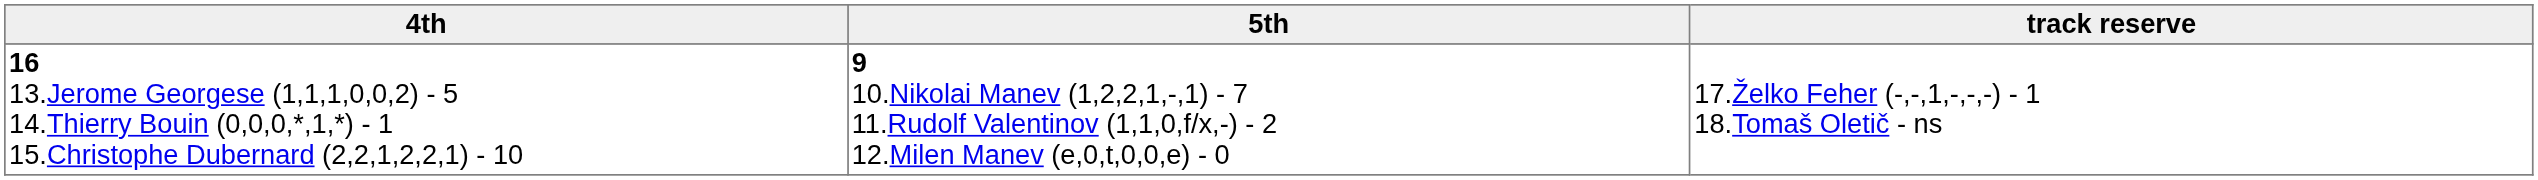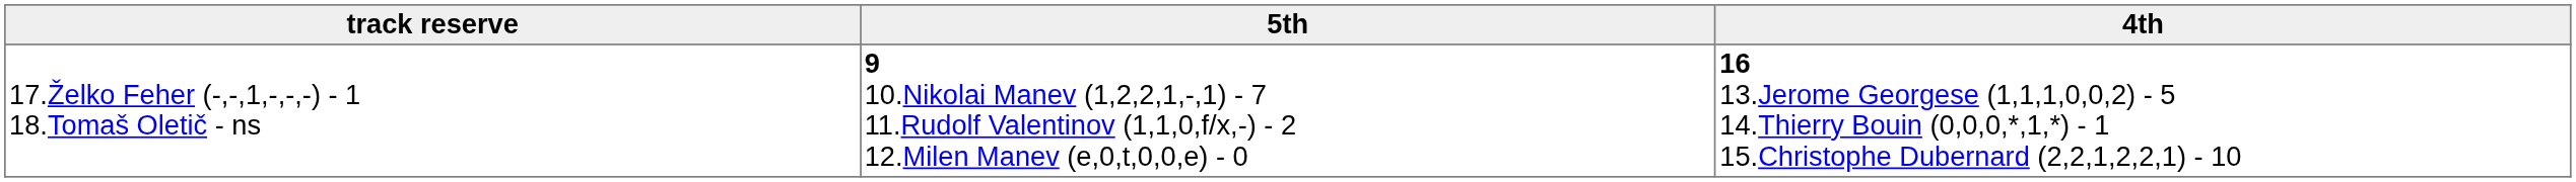 <table border=1 cellpadding=2 cellspacing=0 width=75% style="border-collapse:collapse">
 <tr align=left style="background:#efefef;">
+<th width=15% align=center>track reserve</th>
+<th width=15% align=center>5th</th>
 <th width=15% align=center>4th</th>
-<th width=15% align=center>5th</th>
-<th width=15% align=center>track reserve</th>
 </tr>
 <tr align=left>
+<td valign=top align=left><br>17.<a href='#'>Želko Feher</a> (-,-,1,-,-,-) - 1<br>18.<a href='#'>Tomaš Oletič</a> - ns</td>
+<td valign=top align=left><strong> 9</strong><br>10.<a href='#'>Nikolai Manev</a> (1,2,2,1,-,1) - 7<br>11.<a href='#'>Rudolf Valentinov</a> (1,1,0,f/x,-) - 2<br>12.<a href='#'>Milen Manev</a> (e,0,t,0,0,e) - 0</td>
 <td valign=top align=left><strong> 16</strong><br>13.<a href='#'>Jerome Georgese</a> (1,1,1,0,0,2) - 5 <br>14.<a href='#'>Thierry Bouin</a> (0,0,0,*,1,*) - 1<br>15.<a href='#'>Christophe Dubernard</a> (2,2,1,2,2,1) - 10</td>
-<td valign=top align=left><strong> 9</strong><br>10.<a href='#'>Nikolai Manev</a> (1,2,2,1,-,1) - 7<br>11.<a href='#'>Rudolf Valentinov</a> (1,1,0,f/x,-) - 2<br>12.<a href='#'>Milen Manev</a> (e,0,t,0,0,e) - 0</td>
-<td valign=top align=left><br>17.<a href='#'>Želko Feher</a> (-,-,1,-,-,-) - 1<br>18.<a href='#'>Tomaš Oletič</a> - ns</td>
 </tr>
 </table>
